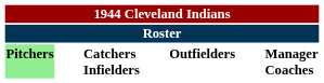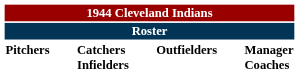 <table class="toccolours" style="font-size: 95%;">
 <tr>
 <th colspan="10" style="background-color: #990000; color: white; text-align: center;">1944 Cleveland Indians</th>
 </tr>
 <tr>
 <td colspan="10" style="background-color: #023456; color: white; text-align: center;"><strong>Roster</strong></td>
 </tr>
 <tr>
-<td valign="top" style="background: lightgreen;"><strong>Pitchers</strong><br>              </td>
+<td valign="top"><strong>Pitchers</strong><br>              </td>
 <td width="25px"></td>
 <td valign="top"><strong>Catchers</strong><br>       <strong>Infielders</strong>       </td>
 <td width="25px"></td>
 <td valign="top"><strong>Outfielders</strong><br>     </td>
 <td width="25px"></td>
 <td valign="top"><strong>Manager</strong><br> <strong>Coaches</strong>   </td>
 </tr>
 </table>
